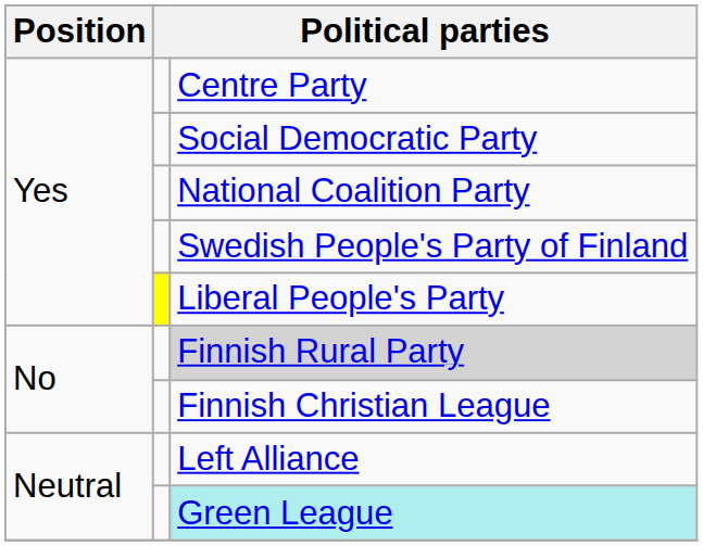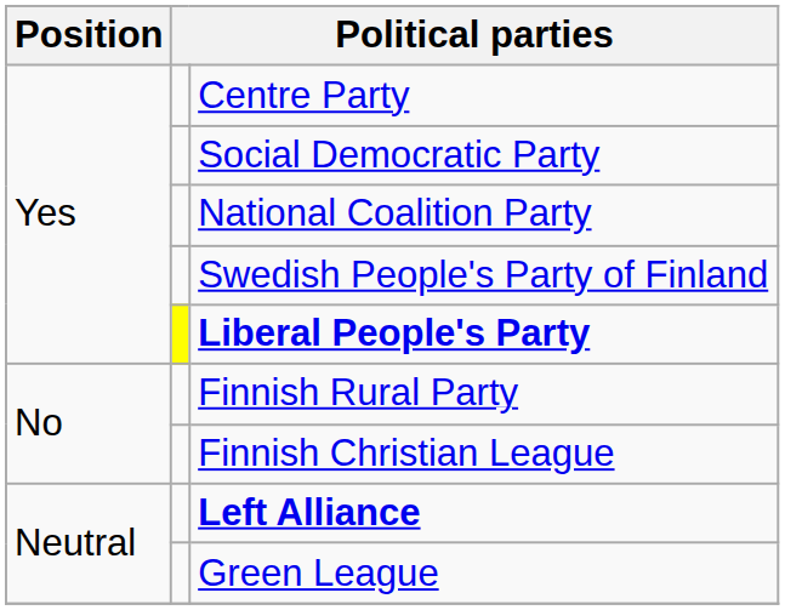 <table class="wikitable">
 <tr>
 <th>Position</th>
 <th colspan=2>Political parties</th>
 </tr>
 <tr>
 <td rowspan="5">Yes</td>
 <td style="background-color: "></td>
 <td><a href='#'>Centre Party</a></td>
 </tr>
 <tr>
 <td style="background-color: "></td>
 <td><a href='#'>Social Democratic Party</a></td>
 </tr>
 <tr>
 <td style="background-color: "></td>
 <td><a href='#'>National Coalition Party</a></td>
 </tr>
 <tr>
 <td style="background-color: "></td>
 <td><a href='#'>Swedish People's Party of Finland</a></td>
 </tr>
 <tr>
 <td style="background-color: yellow"></td>
-<td><a href='#'>Liberal People's Party</a></td>
+<td><strong><a href='#'>Liberal People's Party</a></strong></td>
 </tr>
 <tr>
 <td rowspan="2">No</td>
 <td style="background-color: "></td>
-<td style="background: lightgrey;"><a href='#'>Finnish Rural Party</a></td>
+<td><a href='#'>Finnish Rural Party</a></td>
 </tr>
 <tr>
 <td style="background-color: "></td>
 <td><a href='#'>Finnish Christian League</a></td>
 </tr>
 <tr>
 <td rowspan="2">Neutral</td>
 <td style="background-color: "></td>
-<td><a href='#'>Left Alliance</a></td>
+<td><strong><a href='#'>Left Alliance</a></strong></td>
 </tr>
 <tr>
 <td style="background-color: "></td>
-<td style="background: paleturquoise;"><a href='#'>Green League</a></td>
+<td><a href='#'>Green League</a></td>
 </tr>
 <tr>
 </tr>
 </table>
